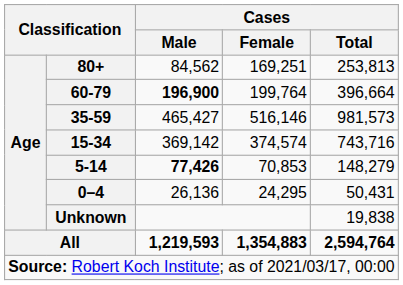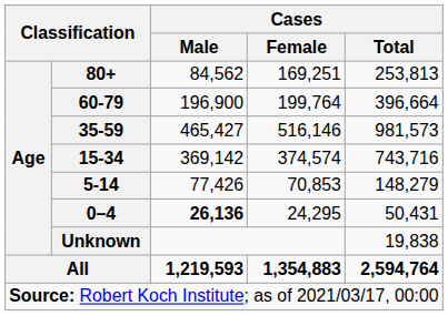 <table class="wikitable" style="text-align:right; font-size:90%">
 <tr>
 <th rowspan="2" colspan="2">Classification</th>
 <th colspan="3">Cases</th>
 </tr>
 <tr>
 <th>Male</th>
 <th>Female</th>
 <th>Total</th>
 </tr>
 <tr>
 <th rowspan="7">Age</th>
 <th>80+</th>
 <td>84,562</td>
 <td>169,251</td>
 <td>253,813</td>
 </tr>
 <tr>
 <th>60-79</th>
-<td><strong>196,900</strong></td>
+<td>196,900</td>
 <td>199,764</td>
 <td>396,664</td>
 </tr>
 <tr>
 <th>35-59</th>
 <td>465,427</td>
 <td>516,146</td>
 <td>981,573</td>
 </tr>
 <tr>
 <th>15-34</th>
 <td>369,142</td>
 <td>374,574</td>
 <td>743,716</td>
 </tr>
 <tr>
 <th>5-14</th>
-<td><strong>77,426</strong></td>
+<td>77,426</td>
 <td>70,853</td>
 <td>148,279</td>
 </tr>
 <tr>
 <th>0–4</th>
-<td>26,136</td>
+<td><strong>26,136</strong></td>
 <td>24,295</td>
 <td>50,431</td>
 </tr>
 <tr>
 <th>Unknown</th>
 <td colspan="2"></td>
 <td>19,838</td>
 </tr>
 <tr>
 <th colspan="2">All</th>
 <td><strong>1,219,593</strong></td>
 <td><strong>1,354,883</strong></td>
 <td><strong>2,594,764</strong></td>
 </tr>
 <tr>
 <td colspan="5" style="text-align:left;"><strong>Source:</strong> <a href='#'>Robert Koch Institute</a>; as of 2021/03/17, 00:00</td>
 </tr>
 </table>
